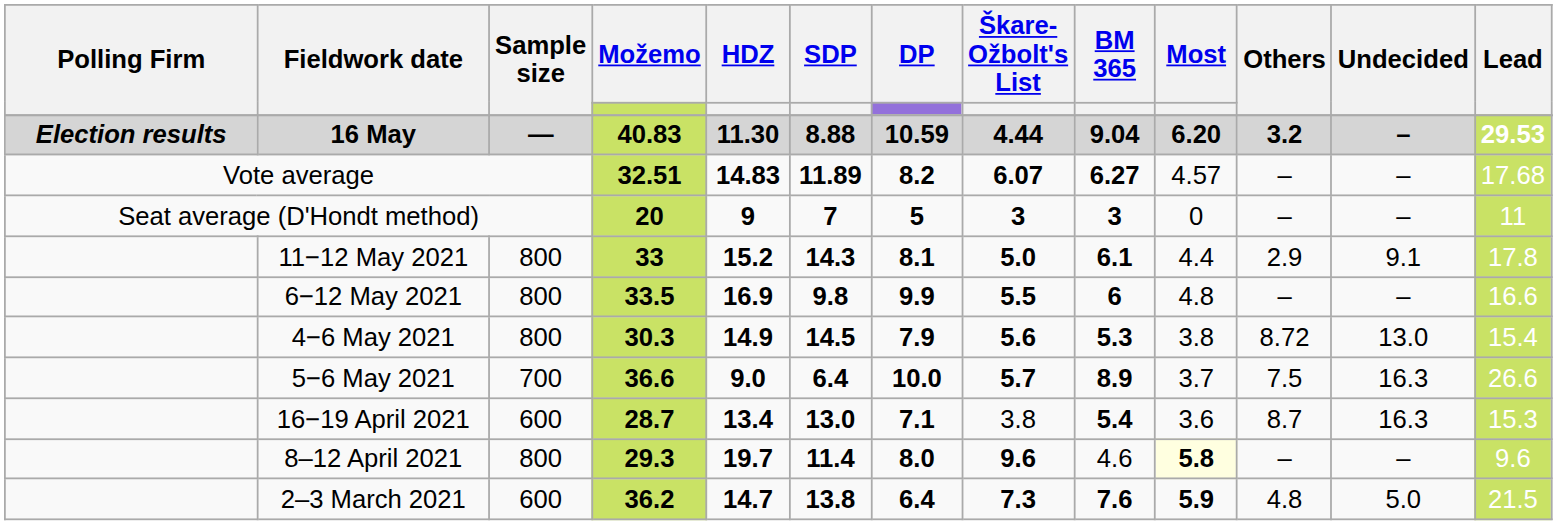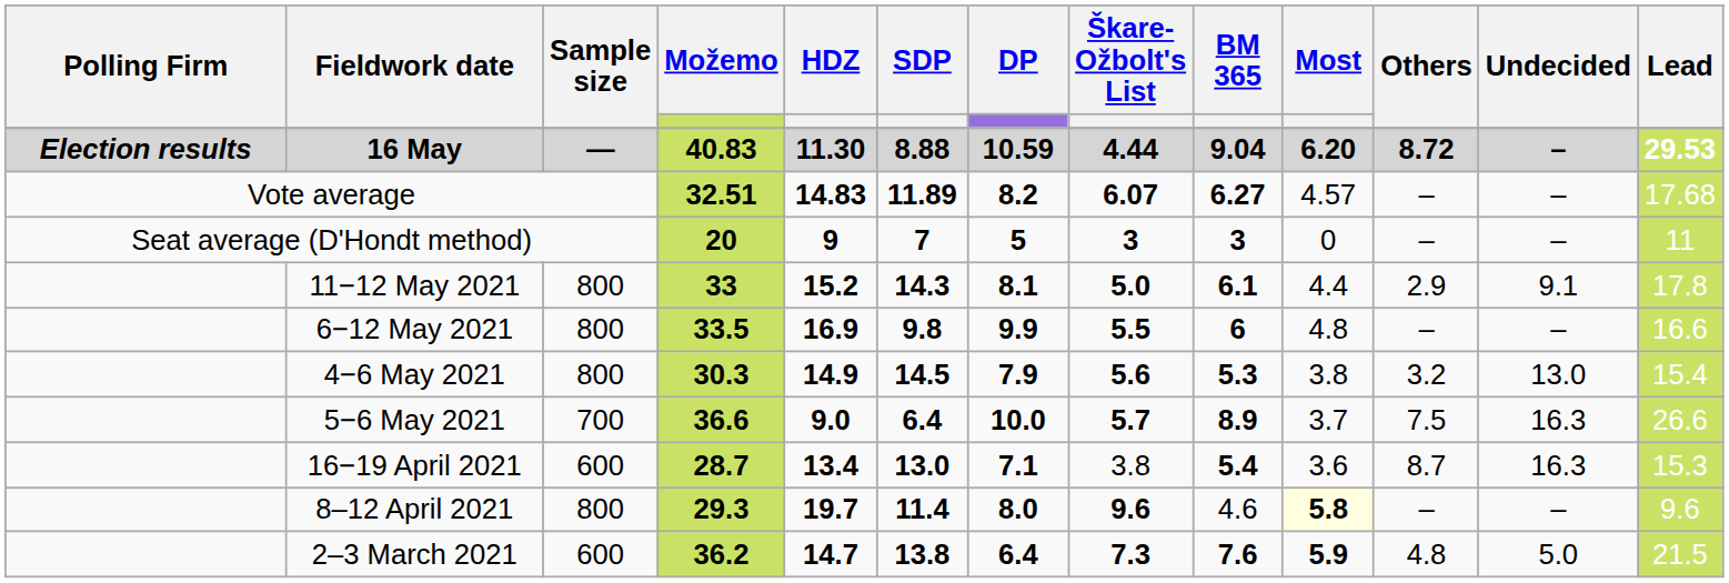 <table class="wikitable sortable" style="text-align:center; font-size:90%; line-height:16px;">
 <tr style="height:42px;">
 <th rowspan="2" style="width:40px;">Polling Firm</th>
 <th rowspan="2" style="width:40px;">Fieldwork date</th>
 <th rowspan="2" style="width:40px;">Sample <br> size</th>
 <th class="unsortable" style="width:40px;"><a href='#'>Možemo</a></th>
 <th class="unsortable" style="width:40px;"><a href='#'>HDZ</a></th>
 <th class="unsortable" style="width:40px;"><a href='#'>SDP</a></th>
 <th class="unsortable" style="width:40px;"><a href='#'>DP</a></th>
 <th class="unsortable" style="width:40px;"><a href='#'>Škare-Ožbolt's List</a></th>
 <th class="unsortable" style="width:40px;"><a href='#'>BM 365</a></th>
 <th class="unsortable" style="width:40px;"><a href='#'>Most</a></th>
 <th rowspan="2" class="unsortable" style="width:40px;">Others</th>
 <th rowspan="2" class="unsortable" style="width:40px;">Undecided</th>
 <th rowspan="2" class="unsortable" style="width:20px;">Lead</th>
 </tr>
 <tr>
 <th class="unsortable" style="background:#C9E265" width="45px"></th>
 <th class="unsortable" style="color:inherit;background:"></th>
 <th class="unsortable" style="color:inherit;background:"></th>
 <th class="unsortable" style="color:inherit;background:#9370DB; width:45px;"></th>
 <th class="unsortable" style="background:"></th>
 <th class="unsortable" style="color:inherit;background:"></th>
 <th class="unsortable" style="color:inherit;background:"></th>
 </tr>
 <tr>
 </tr>
 <tr style="background:#D5D5D5; font-weight:bold;">
 <td style="width:10em"><em>Election results</em></td>
 <td style="width:9em">16 May</td>
 <td>—</td>
 <td style="background:#C9E265">40.83</td>
 <td>11.30</td>
 <td>8.88</td>
 <td>10.59</td>
 <td>4.44</td>
 <td>9.04</td>
 <td>6.20</td>
-<td>3.2</td>
+<td>8.72</td>
 <td>–</td>
 <td style="background:#C9E265; color: white">29.53</td>
 </tr>
 <tr>
 <td colspan=3>Vote average</td>
 <td style="background:#C9E265"><strong>32.51</strong></td>
 <td><strong>14.83</strong></td>
 <td><strong>11.89</strong></td>
 <td><strong>8.2</strong></td>
 <td><strong>6.07</strong></td>
 <td><strong>6.27</strong></td>
 <td>4.57</td>
 <td>–</td>
 <td>–</td>
 <td style="background:#C9E265; color: white">17.68</td>
 </tr>
 <tr>
 <td colspan=3>Seat average (D'Hondt method)</td>
 <td style="background:#C9E265"><strong>20</strong></td>
 <td><strong>9</strong></td>
 <td><strong>7</strong></td>
 <td><strong>5</strong></td>
 <td><strong>3</strong></td>
 <td><strong>3</strong></td>
 <td>0</td>
 <td>–</td>
 <td>–</td>
 <td style="background:#C9E265; color: white">11</td>
 </tr>
 <tr>
 <td></td>
 <td>11−12 May 2021</td>
 <td>800</td>
 <td style="background:#C9E265"><strong>33</strong></td>
 <td><strong>15.2</strong></td>
 <td><strong>14.3</strong></td>
 <td><strong>8.1</strong></td>
 <td><strong>5.0</strong></td>
 <td><strong>6.1</strong></td>
 <td>4.4</td>
 <td>2.9</td>
 <td>9.1</td>
 <td style="background:#C9E265; color: white">17.8</td>
 </tr>
 <tr>
 <td></td>
 <td>6−12 May 2021</td>
 <td>800</td>
 <td style="background:#C9E265"><strong>33.5</strong></td>
 <td><strong>16.9</strong></td>
 <td><strong>9.8</strong></td>
 <td><strong>9.9</strong></td>
 <td><strong>5.5</strong></td>
 <td><strong>6</strong></td>
 <td>4.8</td>
 <td>–</td>
 <td>–</td>
 <td style="background:#C9E265; color: white">16.6</td>
 </tr>
 <tr>
 <td></td>
 <td>4−6 May 2021</td>
 <td>800</td>
 <td style="background:#C9E265"><strong>30.3</strong></td>
 <td><strong>14.9</strong></td>
 <td><strong>14.5</strong></td>
 <td><strong>7.9</strong></td>
 <td><strong>5.6</strong></td>
 <td><strong>5.3</strong></td>
 <td>3.8</td>
-<td>8.72</td>
+<td>3.2</td>
 <td>13.0</td>
 <td style="background:#C9E265; color: white">15.4</td>
 </tr>
 <tr>
 <td></td>
 <td>5−6 May 2021</td>
 <td>700</td>
 <td style="background:#C9E265"><strong>36.6</strong></td>
 <td><strong>9.0</strong></td>
 <td><strong>6.4</strong></td>
 <td><strong>10.0</strong></td>
 <td><strong>5.7</strong></td>
 <td><strong>8.9</strong></td>
 <td>3.7</td>
 <td>7.5</td>
 <td>16.3</td>
 <td style="background:#C9E265; color: white">26.6</td>
 </tr>
 <tr>
 <td></td>
 <td>16−19 April 2021</td>
 <td>600</td>
 <td style="background:#C9E265"><strong>28.7</strong></td>
 <td><strong>13.4</strong></td>
 <td><strong>13.0</strong></td>
 <td><strong>7.1</strong></td>
 <td>3.8</td>
 <td><strong>5.4</strong></td>
 <td>3.6</td>
 <td>8.7</td>
 <td>16.3</td>
 <td style="background:#C9E265; color: white">15.3</td>
 </tr>
 <tr>
 <td></td>
 <td>8–12 April 2021</td>
 <td>800</td>
 <td style="background:#C9E265"><strong>29.3</strong></td>
 <td><strong>19.7</strong></td>
 <td><strong>11.4</strong></td>
 <td><strong>8.0</strong></td>
 <td><strong>9.6</strong></td>
 <td>4.6</td>
 <td style="background: lightyellow;"><strong>5.8</strong></td>
 <td>–</td>
 <td>–</td>
 <td style="background:#C9E265; color: white">9.6</td>
 </tr>
 <tr>
 <td></td>
 <td>2–3 March 2021</td>
 <td>600</td>
 <td style="background:#C9E265"><strong>36.2</strong></td>
 <td><strong>14.7</strong></td>
 <td><strong>13.8</strong></td>
 <td><strong>6.4</strong></td>
 <td><strong>7.3</strong></td>
 <td><strong>7.6</strong></td>
 <td><strong>5.9</strong></td>
 <td>4.8</td>
 <td>5.0</td>
 <td style="background:#C9E265; color: white">21.5</td>
 </tr>
 </table>
